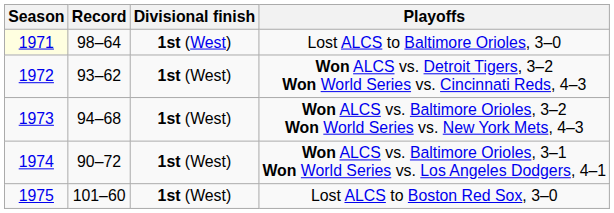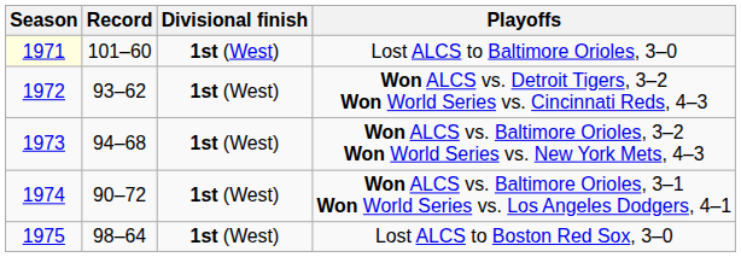 <table class="wikitable" style="text-align:center;">
 <tr>
 <th>Season</th>
 <th>Record</th>
 <th>Divisional finish</th>
 <th>Playoffs</th>
 </tr>
 <tr align="center">
 <td style="background: lightyellow;"><a href='#'>1971</a></td>
-<td>98–64</td>
+<td>101–60</td>
 <td><strong>1st</strong> (<a href='#'>West</a>)</td>
 <td>Lost <a href='#'>ALCS</a> to <a href='#'>Baltimore Orioles</a>, 3–0</td>
 </tr>
 <tr>
 <td><a href='#'>1972</a></td>
 <td>93–62</td>
 <td><strong>1st</strong> (West)</td>
 <td><strong>Won</strong> <a href='#'>ALCS</a> vs. <a href='#'>Detroit Tigers</a>, 3–2<br><strong>Won</strong> <a href='#'>World Series</a> vs. <a href='#'>Cincinnati Reds</a>, 4–3</td>
 </tr>
 <tr align="center">
 <td><a href='#'>1973</a></td>
 <td>94–68</td>
 <td><strong>1st</strong> (West)</td>
 <td><strong>Won</strong> <a href='#'>ALCS</a> vs. <a href='#'>Baltimore Orioles</a>, 3–2<br><strong>Won</strong> <a href='#'>World Series</a> vs. <a href='#'>New York Mets</a>, 4–3</td>
 </tr>
 <tr>
 <td><a href='#'>1974</a></td>
 <td>90–72</td>
 <td><strong>1st</strong> (West)</td>
 <td><strong>Won</strong> <a href='#'>ALCS</a> vs. <a href='#'>Baltimore Orioles</a>, 3–1<br><strong>Won</strong> <a href='#'>World Series</a> vs. <a href='#'>Los Angeles Dodgers</a>, 4–1</td>
 </tr>
 <tr>
 <td><a href='#'>1975</a></td>
-<td>101–60</td>
+<td>98–64</td>
 <td><strong>1st</strong> (West)</td>
 <td>Lost <a href='#'>ALCS</a> to <a href='#'>Boston Red Sox</a>, 3–0</td>
 </tr>
 </table>
